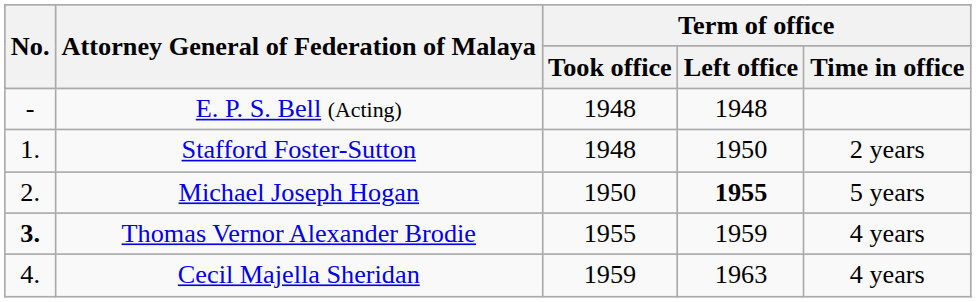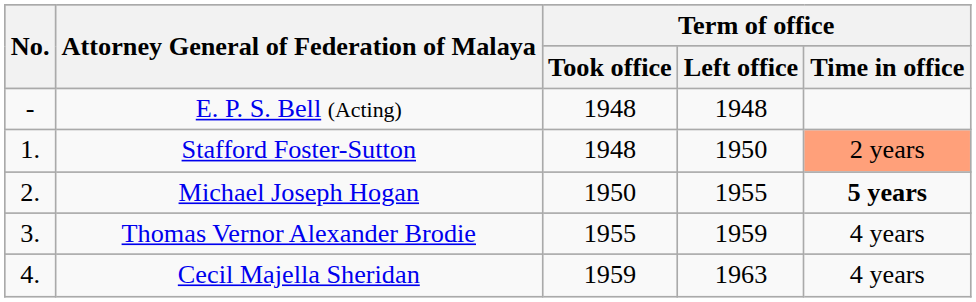 <table class="wikitable" style="text-align:center;">
 <tr style="background:#cccccc">
 <th rowspan=2>No.</th>
 <th rowspan=2>Attorney General of Federation of Malaya</th>
 <th colspan=3>Term of office</th>
 </tr>
 <tr>
 <th>Took office</th>
 <th>Left office</th>
 <th>Time in office</th>
 </tr>
 <tr>
 <td>-</td>
 <td><a href='#'>E. P. S. Bell</a> <small>(Acting)</small></td>
 <td>1948</td>
 <td>1948</td>
 <td></td>
 </tr>
 <tr>
 <td>1.</td>
 <td><a href='#'>Stafford Foster-Sutton</a></td>
 <td>1948</td>
 <td>1950</td>
-<td>2 years</td>
+<td style="background: lightsalmon;">2 years</td>
 </tr>
 <tr>
 <td>2.</td>
 <td><a href='#'>Michael Joseph Hogan</a></td>
 <td>1950</td>
-<td><strong>1955</strong></td>
-<td>5 years</td>
+<td>1955</td>
+<td><strong>5 years</strong></td>
 </tr>
 <tr>
-<td><strong>3.</strong></td>
+<td>3.</td>
 <td><a href='#'>Thomas Vernor Alexander Brodie</a></td>
 <td>1955</td>
 <td>1959</td>
 <td>4 years</td>
 </tr>
 <tr>
 <td>4.</td>
 <td><a href='#'>Cecil Majella Sheridan</a></td>
 <td>1959</td>
 <td>1963</td>
 <td>4 years</td>
 </tr>
 </table>
